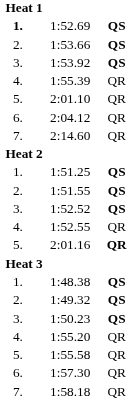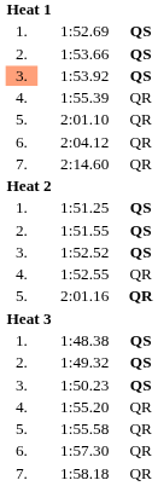 <table style="text-align:center">
 <tr>
 <td colspan=4 align=left><strong>Heat 1</strong></td>
 </tr>
 <tr>
-<td width=30><strong>1.</strong></td>
+<td width=30>1.</td>
 <td align=left></td>
 <td width=80>1:52.69</td>
 <td><strong>QS</strong></td>
 </tr>
 <tr>
 <td>2.</td>
 <td align=left></td>
 <td>1:53.66</td>
 <td><strong>QS</strong></td>
 </tr>
 <tr>
-<td>3.</td>
+<td style="background: lightsalmon;">3.</td>
 <td align=left></td>
 <td>1:53.92</td>
 <td><strong>QS</strong></td>
 </tr>
 <tr>
 <td>4.</td>
 <td align=left></td>
 <td>1:55.39</td>
 <td>QR</td>
 </tr>
 <tr>
 <td>5.</td>
 <td align=left></td>
 <td>2:01.10</td>
 <td>QR</td>
 </tr>
 <tr>
 <td>6.</td>
 <td align=left></td>
 <td>2:04.12</td>
 <td>QR</td>
 </tr>
 <tr>
 <td>7.</td>
 <td align=left></td>
 <td>2:14.60</td>
 <td>QR</td>
 </tr>
 <tr>
 <td colspan=4 align=left><strong>Heat 2</strong></td>
 </tr>
 <tr>
 <td>1.</td>
 <td align=left></td>
 <td>1:51.25</td>
 <td><strong>QS</strong></td>
 </tr>
 <tr>
 <td>2.</td>
 <td align=left></td>
 <td>1:51.55</td>
 <td><strong>QS</strong></td>
 </tr>
 <tr>
 <td>3.</td>
 <td align=left></td>
 <td>1:52.52</td>
 <td><strong>QS</strong></td>
 </tr>
 <tr>
 <td>4.</td>
 <td align=left></td>
 <td>1:52.55</td>
 <td>QR</td>
 </tr>
 <tr>
 <td>5.</td>
 <td align=left></td>
 <td>2:01.16</td>
 <td><strong>QR</strong></td>
 </tr>
 <tr>
 <td colspan=4 align=left><strong>Heat 3</strong></td>
 </tr>
 <tr>
 <td>1.</td>
 <td align=left></td>
 <td>1:48.38</td>
 <td><strong>QS</strong></td>
 </tr>
 <tr>
 <td>2.</td>
 <td align=left></td>
 <td>1:49.32</td>
 <td><strong>QS</strong></td>
 </tr>
 <tr>
 <td>3.</td>
 <td align=left></td>
 <td>1:50.23</td>
 <td><strong>QS</strong></td>
 </tr>
 <tr>
 <td>4.</td>
 <td align=left></td>
 <td>1:55.20</td>
 <td>QR</td>
 </tr>
 <tr>
 <td>5.</td>
 <td align=left></td>
 <td>1:55.58</td>
 <td>QR</td>
 </tr>
 <tr>
 <td>6.</td>
 <td align=left></td>
 <td>1:57.30</td>
 <td>QR</td>
 </tr>
 <tr>
 <td>7.</td>
 <td align=left></td>
 <td>1:58.18</td>
 <td>QR</td>
 </tr>
 </table>
